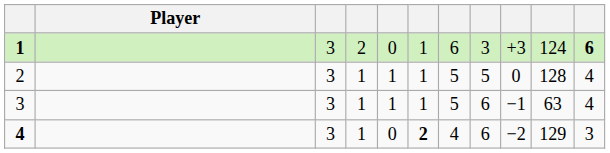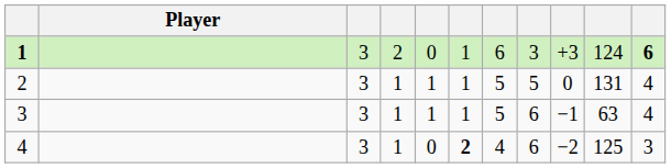 <table class="wikitable" style="text-align:center; margin: 1em auto 1em auto, align:left">
 <tr>
 <th width=20></th>
 <th width=240>Player</th>
 <th width=20></th>
 <th width=20></th>
 <th width=20></th>
 <th width=20></th>
 <th width=20></th>
 <th width=20></th>
 <th width=20></th>
 <th width=30></th>
 <th width=20></th>
 </tr>
 <tr style="background:#D0F0C0;">
 <td><strong>1</strong></td>
 <td align=left></td>
 <td>3</td>
 <td>2</td>
 <td>0</td>
 <td>1</td>
 <td>6</td>
 <td>3</td>
 <td>+3</td>
 <td>124</td>
 <td><strong>6</strong></td>
 </tr>
 <tr style=>
 <td>2</td>
 <td align=left></td>
 <td>3</td>
 <td>1</td>
 <td>1</td>
 <td>1</td>
 <td>5</td>
 <td>5</td>
 <td>0</td>
-<td>128</td>
+<td>131</td>
 <td>4</td>
 </tr>
 <tr style=>
 <td>3</td>
 <td align=left></td>
 <td>3</td>
 <td>1</td>
 <td>1</td>
 <td>1</td>
 <td>5</td>
 <td>6</td>
 <td>−1</td>
 <td>63</td>
 <td>4</td>
 </tr>
 <tr style=>
-<td><strong>4</strong></td>
+<td>4</td>
 <td align=left></td>
 <td>3</td>
 <td>1</td>
 <td>0</td>
 <td><strong>2</strong></td>
 <td>4</td>
 <td>6</td>
 <td>−2</td>
-<td>129</td>
+<td>125</td>
 <td>3</td>
 </tr>
 </table>
